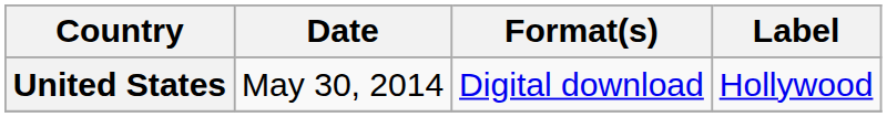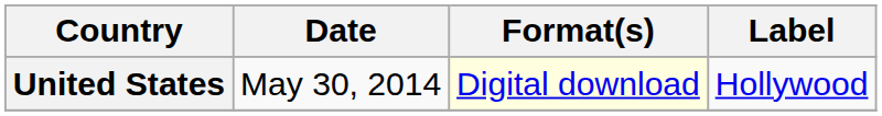 <table class="wikitable plainrowheaders">
 <tr>
 <th scope="col">Country</th>
 <th scope="col">Date</th>
 <th scope="col">Format(s)</th>
 <th scope="col">Label</th>
 </tr>
 <tr>
 <th scope="row">United States</th>
 <td>May 30, 2014</td>
-<td><a href='#'>Digital download</a></td>
+<td style="background: lightyellow;"><a href='#'>Digital download</a></td>
 <td><a href='#'>Hollywood</a></td>
 </tr>
 <tr>
 </tr>
 </table>
